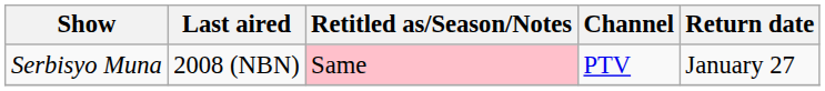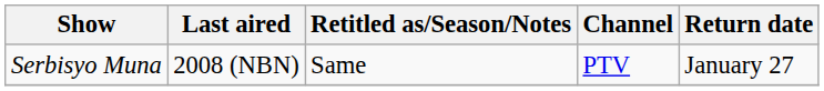 <table class="wikitable">
 <tr>
 <th>Show</th>
 <th>Last aired</th>
 <th>Retitled as/Season/Notes</th>
 <th>Channel</th>
 <th>Return date</th>
 </tr>
 <tr>
 <td><em>Serbisyo Muna</em></td>
 <td>2008 (NBN)</td>
-<td style="background: pink;">Same</td>
+<td>Same</td>
 <td><a href='#'>PTV</a></td>
 <td>January 27</td>
 </tr>
 <tr>
 </tr>
 </table>
